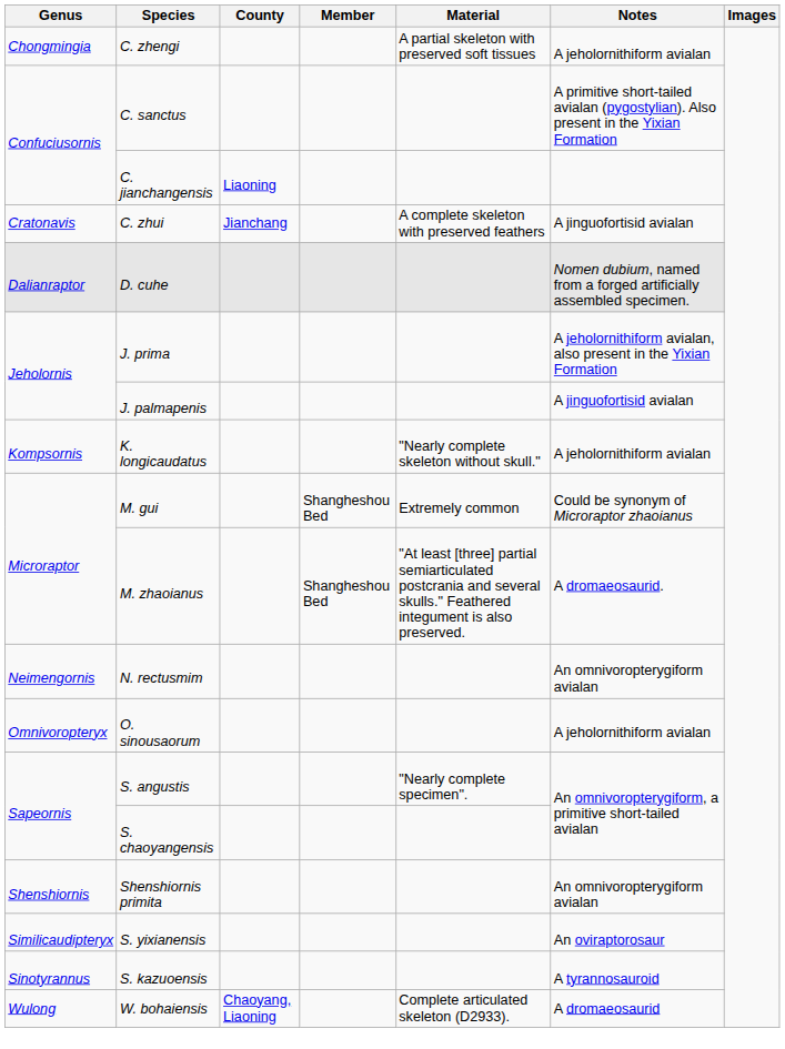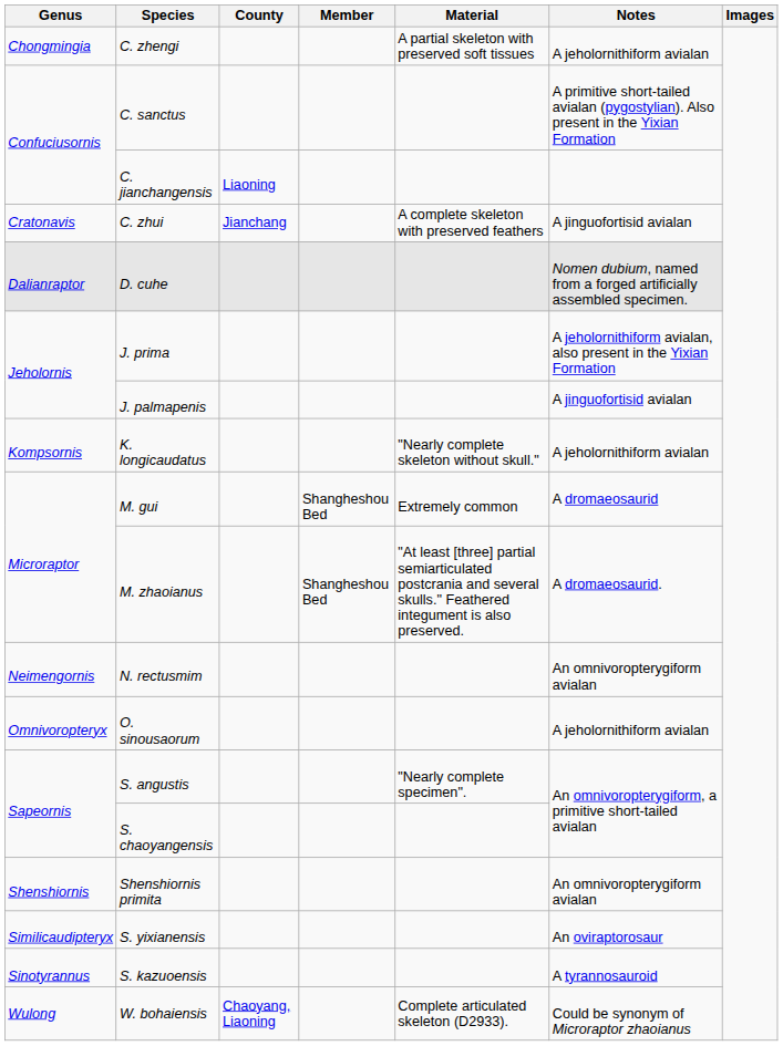 <table class="wikitable" align="center" width="100%">
 <tr>
 <th>Genus</th>
 <th>Species</th>
 <th>County</th>
 <th>Member</th>
 <th width="20%">Material</th>
 <th>Notes</th>
 <th>Images</th>
 </tr>
 <tr>
 <td><em><a href='#'>Chongmingia</a></em></td>
 <td><em>C. zhengi</em></td>
 <td></td>
 <td></td>
 <td>A partial skeleton with preserved soft tissues</td>
 <td><br>A jeholornithiform avialan</td>
 <td rowspan="18"><br>   </td>
 </tr>
 <tr>
 <td rowspan="2"><br><em><a href='#'>Confuciusornis</a></em></td>
 <td><br><em>C. sanctus</em></td>
 <td></td>
 <td></td>
 <td></td>
 <td><br>A primitive short-tailed avialan (<a href='#'>pygostylian</a>). Also present in the <a href='#'>Yixian Formation</a></td>
 </tr>
 <tr>
 <td><br><em>C. jianchangensis</em></td>
 <td><br><a href='#'>Liaoning</a></td>
 <td></td>
 <td></td>
 <td></td>
 </tr>
 <tr>
 <td><em><a href='#'>Cratonavis</a></em></td>
 <td><em>C. zhui</em></td>
 <td><a href='#'>Jianchang</a></td>
 <td></td>
 <td>A complete skeleton with preserved feathers</td>
 <td>A jinguofortisid avialan</td>
 </tr>
 <tr>
 <td style="background:#E6E6E6;"><br><em><a href='#'>Dalianraptor</a></em></td>
 <td style="background:#E6E6E6;"><br><em>D. cuhe</em></td>
 <td style="background:#E6E6E6;"></td>
 <td style="background:#E6E6E6;"></td>
 <td style="background:#E6E6E6;"></td>
 <td style="background:#E6E6E6;"><br><em>Nomen dubium</em>, named from a forged artificially assembled specimen.</td>
 </tr>
 <tr>
 <td rowspan="2"><br><em><a href='#'>Jeholornis</a></em></td>
 <td><br><em>J. prima</em></td>
 <td></td>
 <td></td>
 <td></td>
 <td><br>A <a href='#'>jeholornithiform</a> avialan, also present in the <a href='#'>Yixian Formation</a></td>
 </tr>
 <tr>
 <td><br><em>J. palmapenis</em></td>
 <td></td>
 <td></td>
 <td></td>
 <td>A <a href='#'>jinguofortisid</a> avialan</td>
 </tr>
 <tr>
 <td><br><em><a href='#'>Kompsornis</a></em></td>
 <td><br><em>K. longicaudatus</em></td>
 <td></td>
 <td></td>
 <td><br>"Nearly complete skeleton without skull."</td>
 <td><br>A jeholornithiform avialan</td>
 </tr>
 <tr>
 <td rowspan = "2"><br><em><a href='#'>Microraptor</a></em></td>
 <td><br><em>M. gui</em></td>
 <td></td>
 <td><br>Shangheshou Bed</td>
 <td><br>Extremely common</td>
-<td><br>Could be synonym of <em>Microraptor zhaoianus</em></td>
+<td>A <a href='#'>dromaeosaurid</a></td>
 </tr>
 <tr>
 <td><br><em>M. zhaoianus</em></td>
 <td></td>
 <td><br>Shangheshou Bed</td>
 <td><br>"At least [three] partial semiarticulated postcrania and several skulls." Feathered integument is also preserved.</td>
 <td>A <a href='#'>dromaeosaurid</a>.</td>
 </tr>
 <tr>
 <td><br><em><a href='#'>Neimengornis</a></em></td>
 <td><br><em>N. rectusmim</em></td>
 <td></td>
 <td></td>
 <td></td>
 <td><br>An omnivoropterygiform avialan</td>
 </tr>
 <tr>
 <td><br><em><a href='#'>Omnivoropteryx</a></em></td>
 <td><br><em>O. sinousaorum</em></td>
 <td></td>
 <td></td>
 <td></td>
 <td><br>A jeholornithiform avialan</td>
 </tr>
 <tr>
 <td rowspan = "2"><br><em><a href='#'>Sapeornis</a></em></td>
 <td><br><em>S. angustis</em></td>
 <td></td>
 <td></td>
 <td><br>"Nearly complete specimen".</td>
 <td rowspan = "2"><br>An <a href='#'>omnivoropterygiform</a>, a primitive short-tailed avialan</td>
 </tr>
 <tr>
 <td><br><em>S. chaoyangensis</em></td>
 <td></td>
 <td></td>
 <td></td>
 </tr>
 <tr>
 <td><br><em><a href='#'>Shenshiornis</a></em></td>
 <td><br><em>Shenshiornis primita</em></td>
 <td></td>
 <td></td>
 <td></td>
 <td><br>An omnivoropterygiform avialan</td>
 </tr>
 <tr>
 <td><br><em><a href='#'>Similicaudipteryx</a></em></td>
 <td><br><em>S. yixianensis</em></td>
 <td></td>
 <td></td>
 <td></td>
 <td><br>An <a href='#'>oviraptorosaur</a></td>
 </tr>
 <tr>
 <td><br><em><a href='#'>Sinotyrannus</a></em></td>
 <td><br><em>S. kazuoensis</em></td>
 <td></td>
 <td></td>
 <td></td>
 <td><br>A <a href='#'>tyrannosauroid</a></td>
 </tr>
 <tr>
 <td><em><a href='#'>Wulong</a></em></td>
 <td><em>W. bohaiensis</em></td>
 <td><a href='#'>Chaoyang, Liaoning</a></td>
 <td></td>
 <td>Complete articulated skeleton (D2933).</td>
-<td>A <a href='#'>dromaeosaurid</a></td>
+<td><br>Could be synonym of <em>Microraptor zhaoianus</em></td>
 </tr>
 </table>
